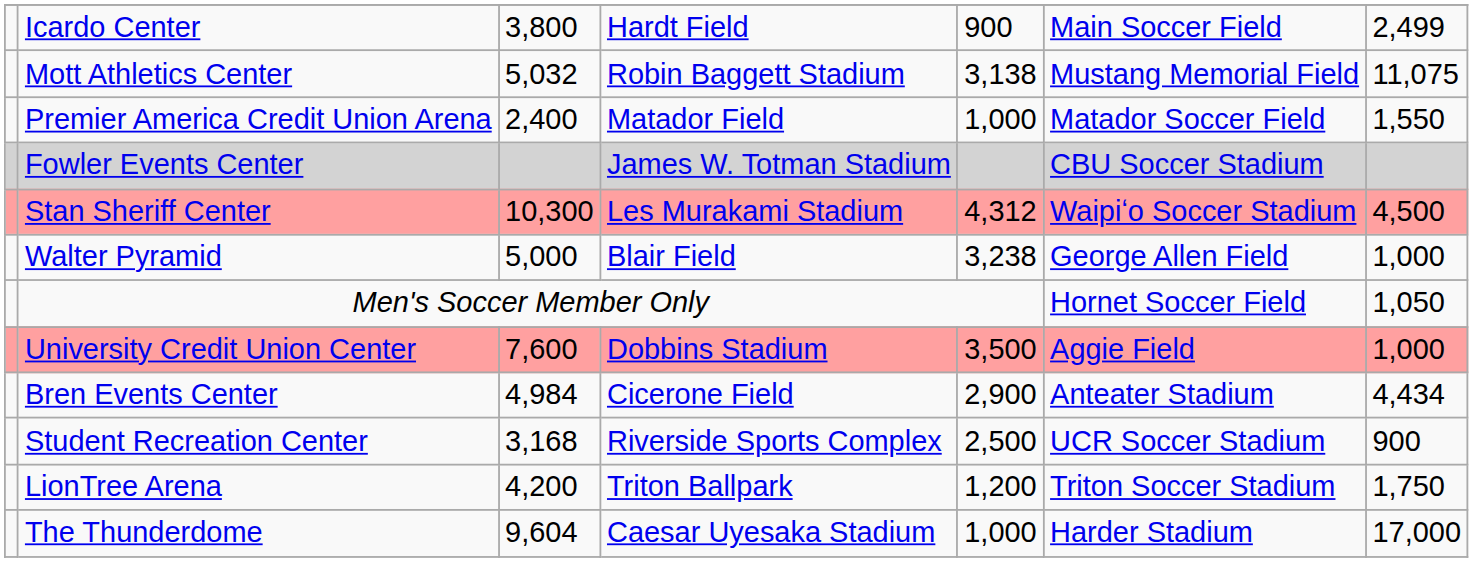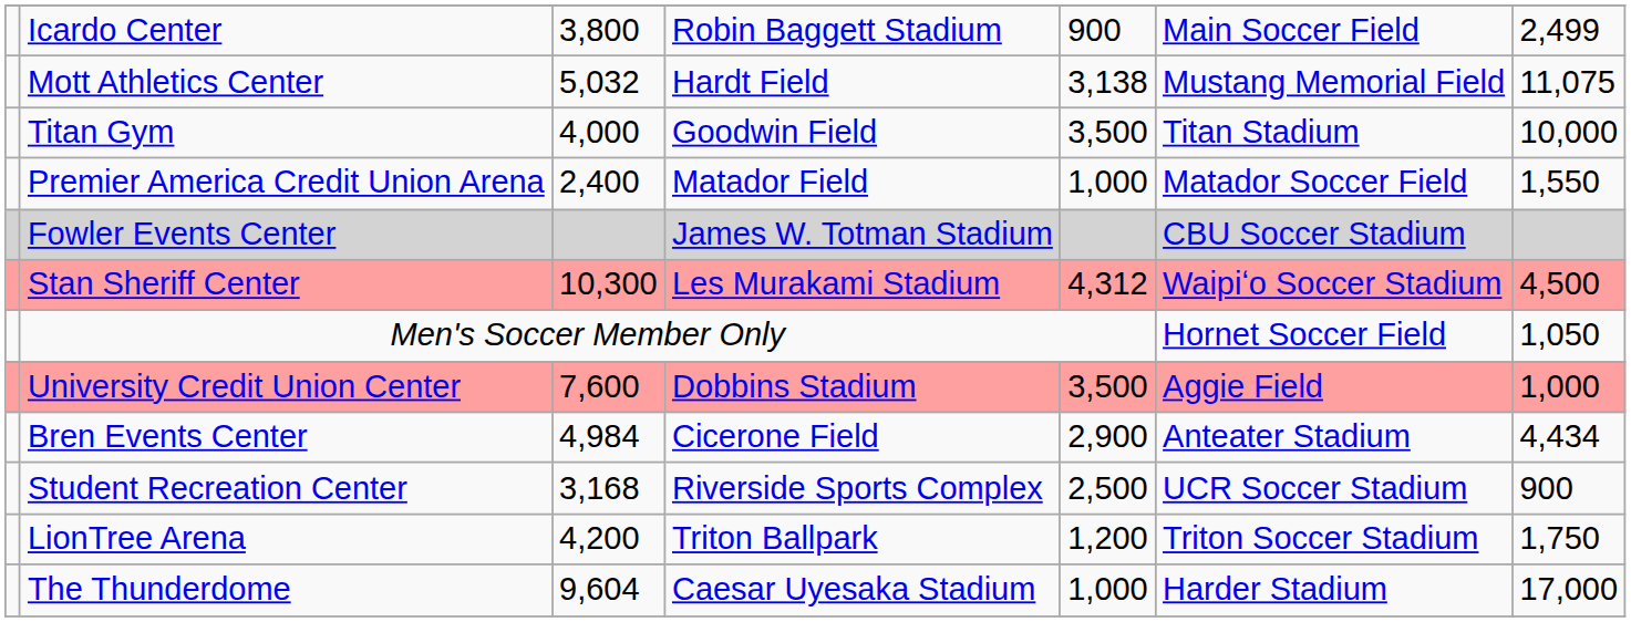 <table class="wikitable sortable">
 <tr>
 </tr>
 <tr>
 <td style="text-align:center; "><a href='#'></a></td>
 <td><a href='#'>Icardo Center</a></td>
 <td>3,800</td>
-<td><a href='#'>Hardt Field</a></td>
+<td><a href='#'>Robin Baggett Stadium</a></td>
 <td>900</td>
 <td><a href='#'>Main Soccer Field</a></td>
 <td>2,499</td>
 </tr>
 <tr>
 <td style="text-align:center; "><a href='#'></a></td>
 <td><a href='#'>Mott Athletics Center</a></td>
 <td>5,032</td>
-<td><a href='#'>Robin Baggett Stadium</a></td>
+<td><a href='#'>Hardt Field</a></td>
 <td>3,138</td>
 <td><a href='#'>Mustang Memorial Field</a></td>
 <td>11,075</td>
+</tr>
+<tr>
+<td style="text-align:center; "><a href='#'></a></td>
+<td><a href='#'>Titan Gym</a></td>
+<td>4,000</td>
+<td><a href='#'>Goodwin Field</a></td>
+<td>3,500</td>
+<td><a href='#'>Titan Stadium</a></td>
+<td>10,000</td>
 </tr>
 <tr>
 <td style="text-align:center; "><a href='#'></a></td>
 <td><a href='#'>Premier America Credit Union Arena</a></td>
 <td>2,400</td>
 <td><a href='#'>Matador Field</a></td>
 <td>1,000</td>
 <td><a href='#'>Matador Soccer Field</a></td>
 <td>1,550</td>
 </tr>
 <tr bgcolor=lightgray>
 <td style="text-align:center; "><a href='#'></a></td>
 <td><a href='#'>Fowler Events Center</a></td>
 <td></td>
 <td><a href='#'>James W. Totman Stadium</a></td>
 <td></td>
 <td><a href='#'>CBU Soccer Stadium</a></td>
 <td></td>
 </tr>
 <tr bgcolor=#ffa0a0>
 <td style="text-align:center; "><a href='#'></a></td>
 <td><a href='#'>Stan Sheriff Center</a></td>
 <td>10,300</td>
 <td><a href='#'>Les Murakami Stadium</a></td>
 <td>4,312</td>
 <td><a href='#'>Waipiʻo Soccer Stadium</a></td>
 <td>4,500</td>
-</tr>
-<tr>
-<td style="text-align:center; "><a href='#'></a></td>
-<td><a href='#'>Walter Pyramid</a></td>
-<td>5,000</td>
-<td><a href='#'>Blair Field</a></td>
-<td>3,238</td>
-<td><a href='#'>George Allen Field</a></td>
-<td>1,000</td>
 </tr>
 <tr>
 <td style="text-align:center; "><a href='#'></a></td>
 <td colspan="4" style="text-align:center;"><em>Men's Soccer Member Only</em></td>
 <td><a href='#'>Hornet Soccer Field</a></td>
 <td>1,050</td>
 </tr>
 <tr bgcolor=#ffa0a0>
 <td style="text-align:center; "><a href='#'></a></td>
 <td><a href='#'>University Credit Union Center</a></td>
 <td>7,600</td>
 <td><a href='#'>Dobbins Stadium</a></td>
 <td>3,500</td>
 <td><a href='#'>Aggie Field</a></td>
 <td>1,000</td>
 </tr>
 <tr>
 <td style="text-align:center; "><a href='#'></a></td>
 <td><a href='#'>Bren Events Center</a></td>
 <td>4,984</td>
 <td><a href='#'>Cicerone Field</a></td>
 <td>2,900</td>
 <td><a href='#'>Anteater Stadium</a></td>
 <td>4,434</td>
 </tr>
 <tr>
 <td style="text-align:center; "><a href='#'></a></td>
 <td><a href='#'>Student Recreation Center</a></td>
 <td>3,168</td>
 <td><a href='#'>Riverside Sports Complex</a></td>
 <td>2,500</td>
 <td><a href='#'>UCR Soccer Stadium</a></td>
 <td>900</td>
 </tr>
 <tr>
 <td style="text-align:center; "><a href='#'></a></td>
 <td><a href='#'>LionTree Arena</a></td>
 <td>4,200</td>
 <td><a href='#'>Triton Ballpark</a></td>
 <td>1,200</td>
 <td><a href='#'>Triton Soccer Stadium</a></td>
 <td>1,750</td>
 </tr>
 <tr>
 <td style="text-align:center; "><a href='#'></a></td>
 <td><a href='#'>The Thunderdome</a></td>
 <td>9,604</td>
 <td><a href='#'>Caesar Uyesaka Stadium</a></td>
 <td>1,000</td>
 <td><a href='#'>Harder Stadium</a></td>
 <td>17,000</td>
 </tr>
 </table>
